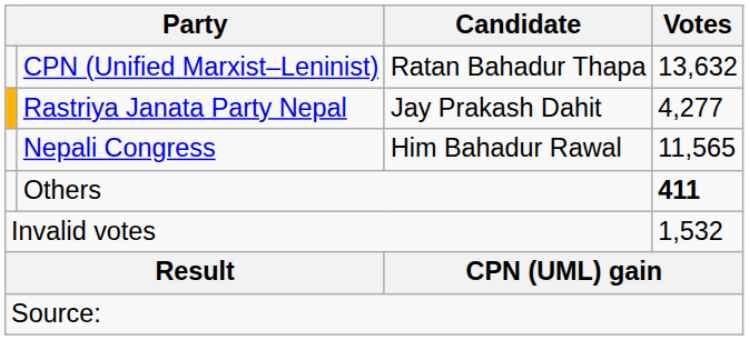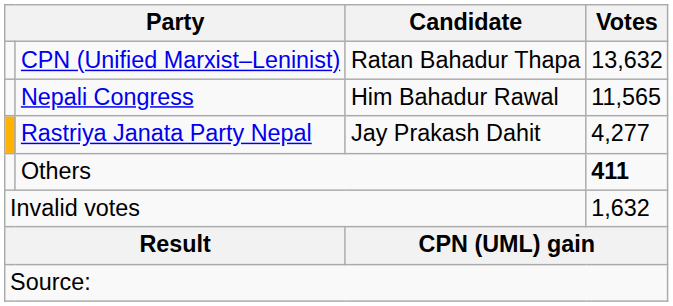 <table class="wikitable">
 <tr>
 <th colspan="2">Party</th>
 <th>Candidate</th>
 <th>Votes</th>
 </tr>
 <tr>
 <td style="background-color:"></td>
 <td><a href='#'>CPN (Unified Marxist–Leninist)</a></td>
 <td>Ratan Bahadur Thapa</td>
 <td>13,632</td>
 </tr>
 <tr>
+<td style="background-color:"></td>
+<td><a href='#'>Nepali Congress</a></td>
+<td>Him Bahadur Rawal</td>
+<td>11,565</td>
+</tr>
+<tr>
 <td style="background-color:#ffb300"></td>
 <td><a href='#'>Rastriya Janata Party Nepal</a></td>
 <td>Jay Prakash Dahit</td>
 <td>4,277</td>
-</tr>
-<tr>
-<td style="background-color:"></td>
-<td><a href='#'>Nepali Congress</a></td>
-<td>Him Bahadur Rawal</td>
-<td>11,565</td>
 </tr>
 <tr>
 <td></td>
 <td colspan="2">Others</td>
 <td><strong>411</strong></td>
 </tr>
 <tr>
 <td colspan="3">Invalid votes</td>
-<td>1,532</td>
+<td>1,632</td>
 </tr>
 <tr>
 <th colspan="2">Result</th>
 <th colspan="2">CPN (UML) gain</th>
 </tr>
 <tr>
 <td colspan="4">Source: </td>
 </tr>
 </table>
